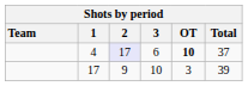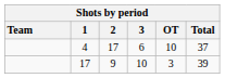 <table class="wikitable" style="width:20em;">
 <tr>
 <th colspan="6">Shots by period</th>
 </tr>
 <tr>
 <th style="width:8em; text-align:left;">Team</th>
 <th style="width:3em;">1</th>
 <th style="width:3em;">2</th>
 <th style="width:3em;">3</th>
 <th style="width:3em;">OT</th>
 <th style="width:3em;">Total</th>
 </tr>
 <tr style="text-align:center;">
 <td style="text-align:left;"></td>
 <td>4</td>
-<td style="background: lavender;">17</td>
+<td>17</td>
 <td>6</td>
-<td><strong>10</strong></td>
+<td>10</td>
 <td>37</td>
 </tr>
 <tr style="text-align:center;">
 <td style="text-align:left;"></td>
 <td>17</td>
 <td>9</td>
 <td>10</td>
 <td>3</td>
 <td>39</td>
 </tr>
 </table>
